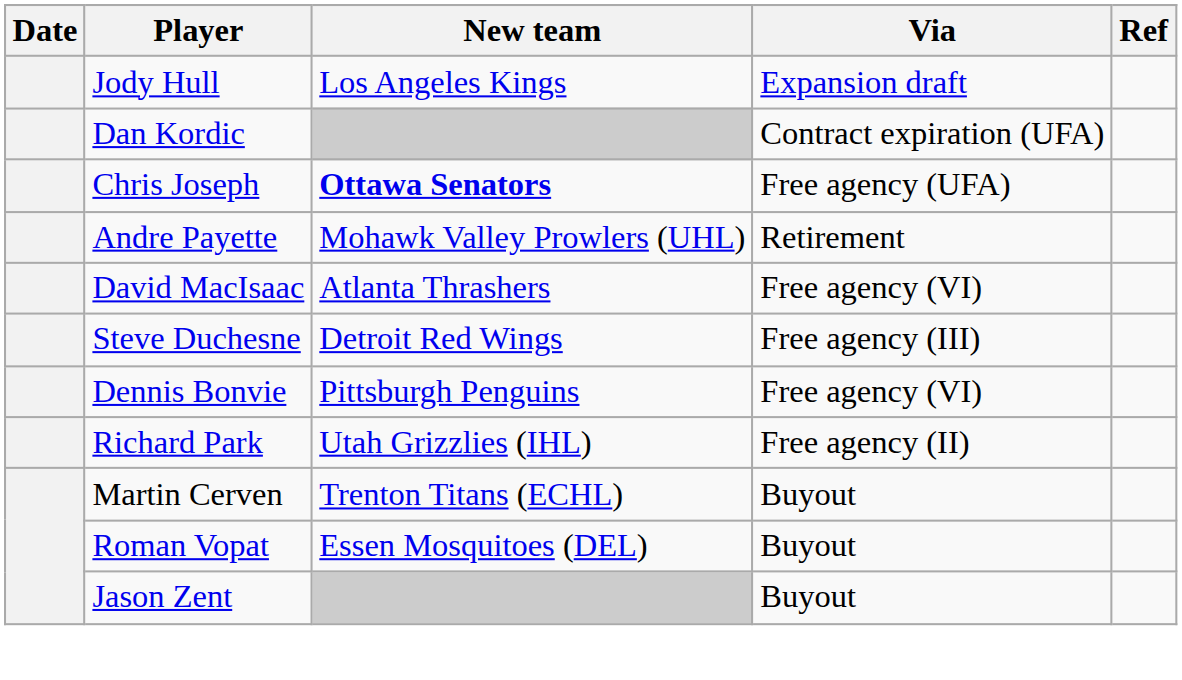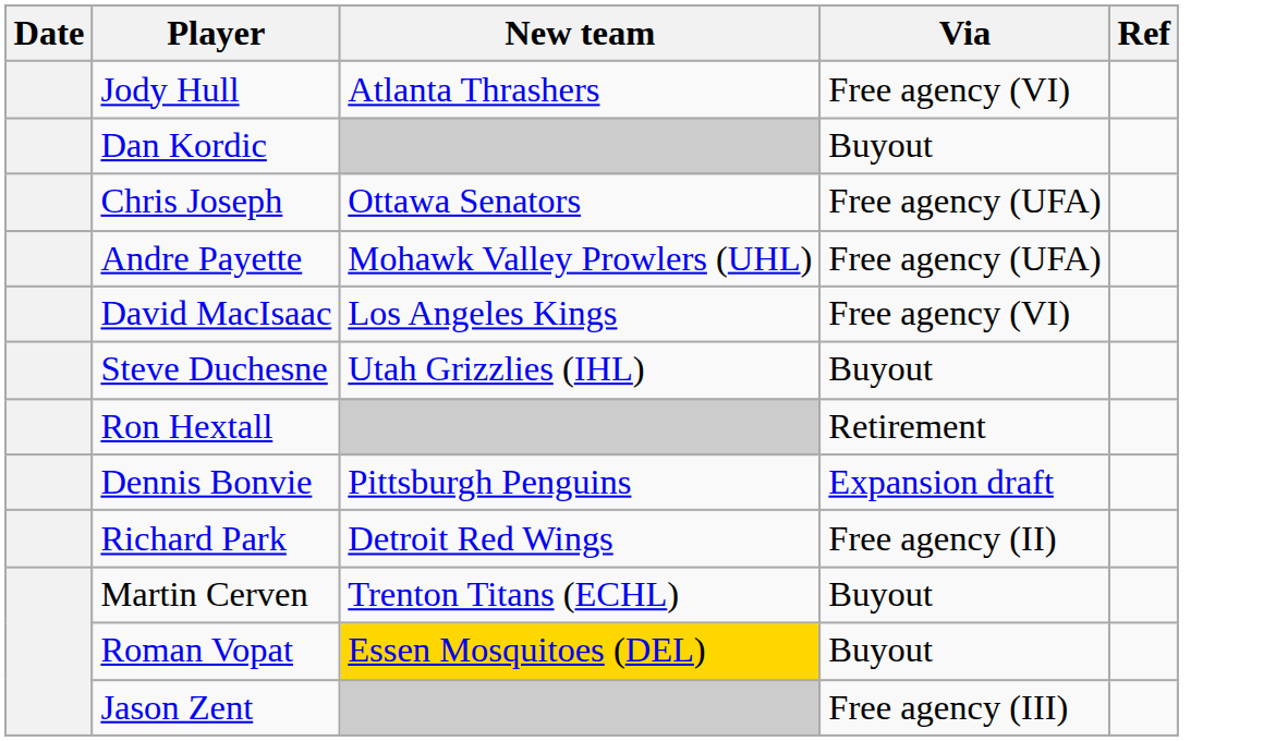 <table class="wikitable plainrowheaders">
 <tr style="background:#ddd; text-align:center;">
 <th>Date</th>
 <th>Player</th>
 <th>New team</th>
 <th>Via</th>
 <th>Ref</th>
 </tr>
 <tr>
 <th scope="row"></th>
 <td><a href='#'>Jody Hull</a></td>
-<td><a href='#'>Los Angeles Kings</a></td>
-<td><a href='#'>Expansion draft</a></td>
+<td><a href='#'>Atlanta Thrashers</a></td>
+<td>Free agency (VI)</td>
 <td></td>
 </tr>
 <tr>
 <th scope="row"></th>
 <td><a href='#'>Dan Kordic</a></td>
 <td style="background:#ccc"></td>
-<td>Contract expiration (UFA)</td>
+<td>Buyout</td>
 <td></td>
 </tr>
 <tr>
 <th scope="row"></th>
 <td><a href='#'>Chris Joseph</a></td>
-<td><strong><a href='#'>Ottawa Senators</a></strong></td>
+<td><a href='#'>Ottawa Senators</a></td>
 <td>Free agency (UFA)</td>
 <td></td>
 </tr>
 <tr>
 <th scope="row"></th>
 <td><a href='#'>Andre Payette</a></td>
 <td><a href='#'>Mohawk Valley Prowlers</a> (<a href='#'>UHL</a>)</td>
-<td>Retirement</td>
+<td>Free agency (UFA)</td>
 <td></td>
 </tr>
 <tr>
 <th scope="row"></th>
 <td><a href='#'>David MacIsaac</a></td>
-<td><a href='#'>Atlanta Thrashers</a></td>
+<td><a href='#'>Los Angeles Kings</a></td>
 <td>Free agency (VI)</td>
 <td></td>
 </tr>
 <tr>
 <th scope="row"></th>
 <td><a href='#'>Steve Duchesne</a></td>
-<td><a href='#'>Detroit Red Wings</a></td>
-<td>Free agency (III)</td>
+<td><a href='#'>Utah Grizzlies</a> (<a href='#'>IHL</a>)</td>
+<td>Buyout</td>
+<td></td>
+</tr>
+<tr>
+<th scope="row"></th>
+<td><a href='#'>Ron Hextall</a></td>
+<td style="background:#ccc"></td>
+<td>Retirement</td>
 <td></td>
 </tr>
 <tr>
 <th scope="row"></th>
 <td><a href='#'>Dennis Bonvie</a></td>
 <td><a href='#'>Pittsburgh Penguins</a></td>
-<td>Free agency (VI)</td>
+<td><a href='#'>Expansion draft</a></td>
 <td></td>
 </tr>
 <tr>
 <th scope="row"></th>
 <td><a href='#'>Richard Park</a></td>
-<td><a href='#'>Utah Grizzlies</a> (<a href='#'>IHL</a>)</td>
+<td><a href='#'>Detroit Red Wings</a></td>
 <td>Free agency (II)</td>
 <td></td>
 </tr>
 <tr>
 <th scope="row" rowspan=3></th>
 <td>Martin Cerven</td>
 <td><a href='#'>Trenton Titans</a> (<a href='#'>ECHL</a>)</td>
 <td>Buyout</td>
 <td></td>
 </tr>
 <tr>
 <td><a href='#'>Roman Vopat</a></td>
-<td><a href='#'>Essen Mosquitoes</a> (<a href='#'>DEL</a>)</td>
+<td style="background: gold;"><a href='#'>Essen Mosquitoes</a> (<a href='#'>DEL</a>)</td>
 <td>Buyout</td>
 <td></td>
 </tr>
 <tr>
 <td><a href='#'>Jason Zent</a></td>
 <td style="background:#ccc"></td>
-<td>Buyout</td>
+<td>Free agency (III)</td>
 <td></td>
 </tr>
 </table>
